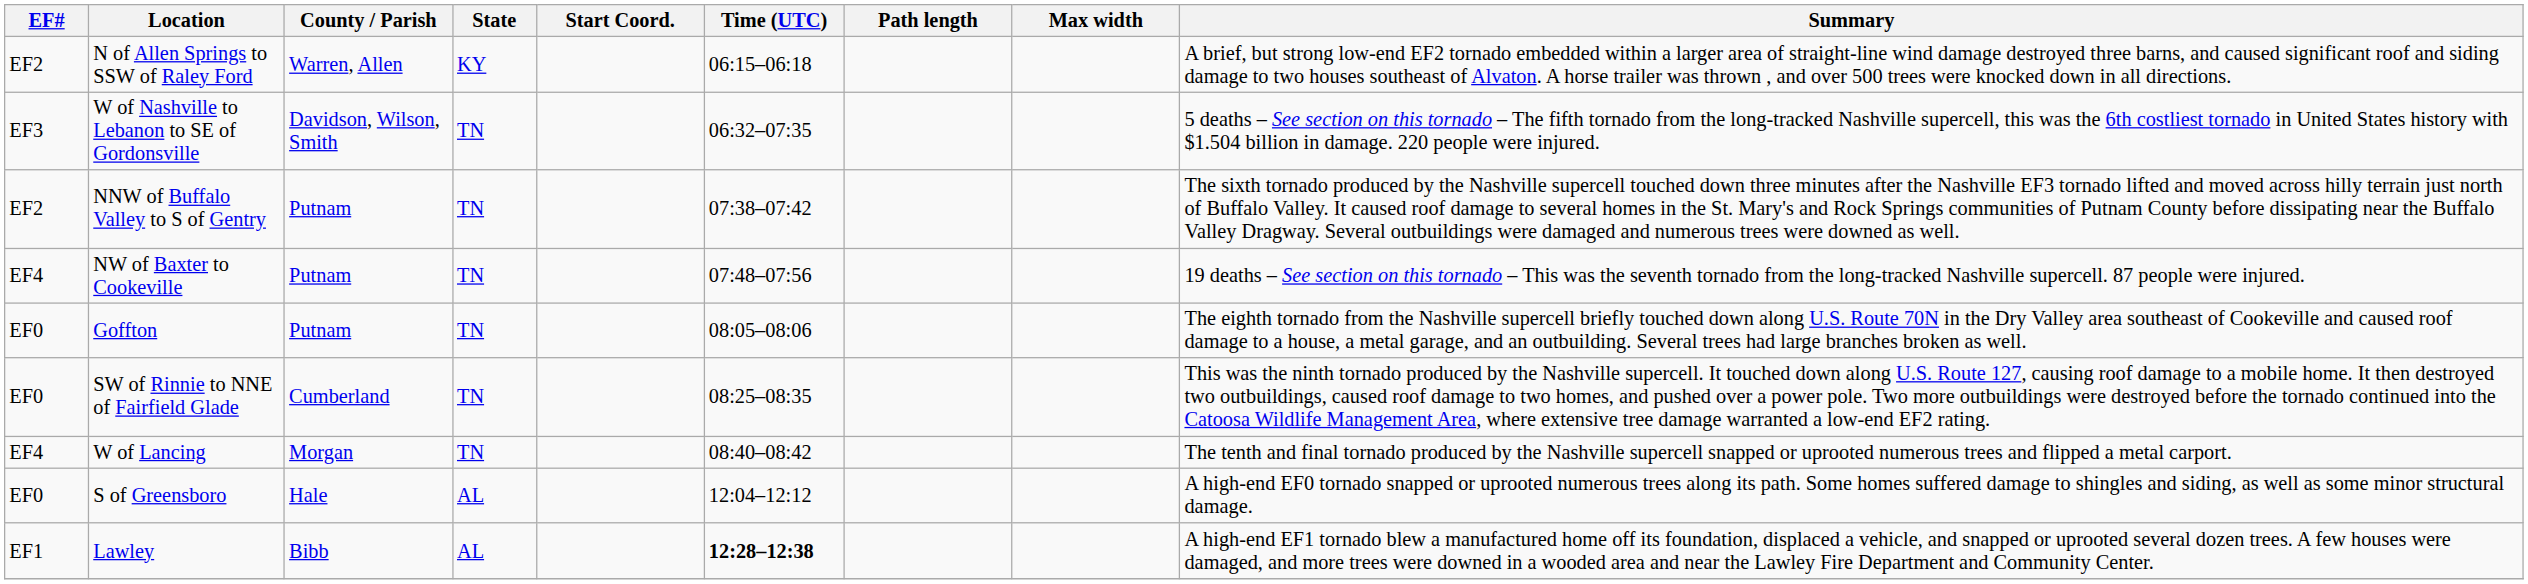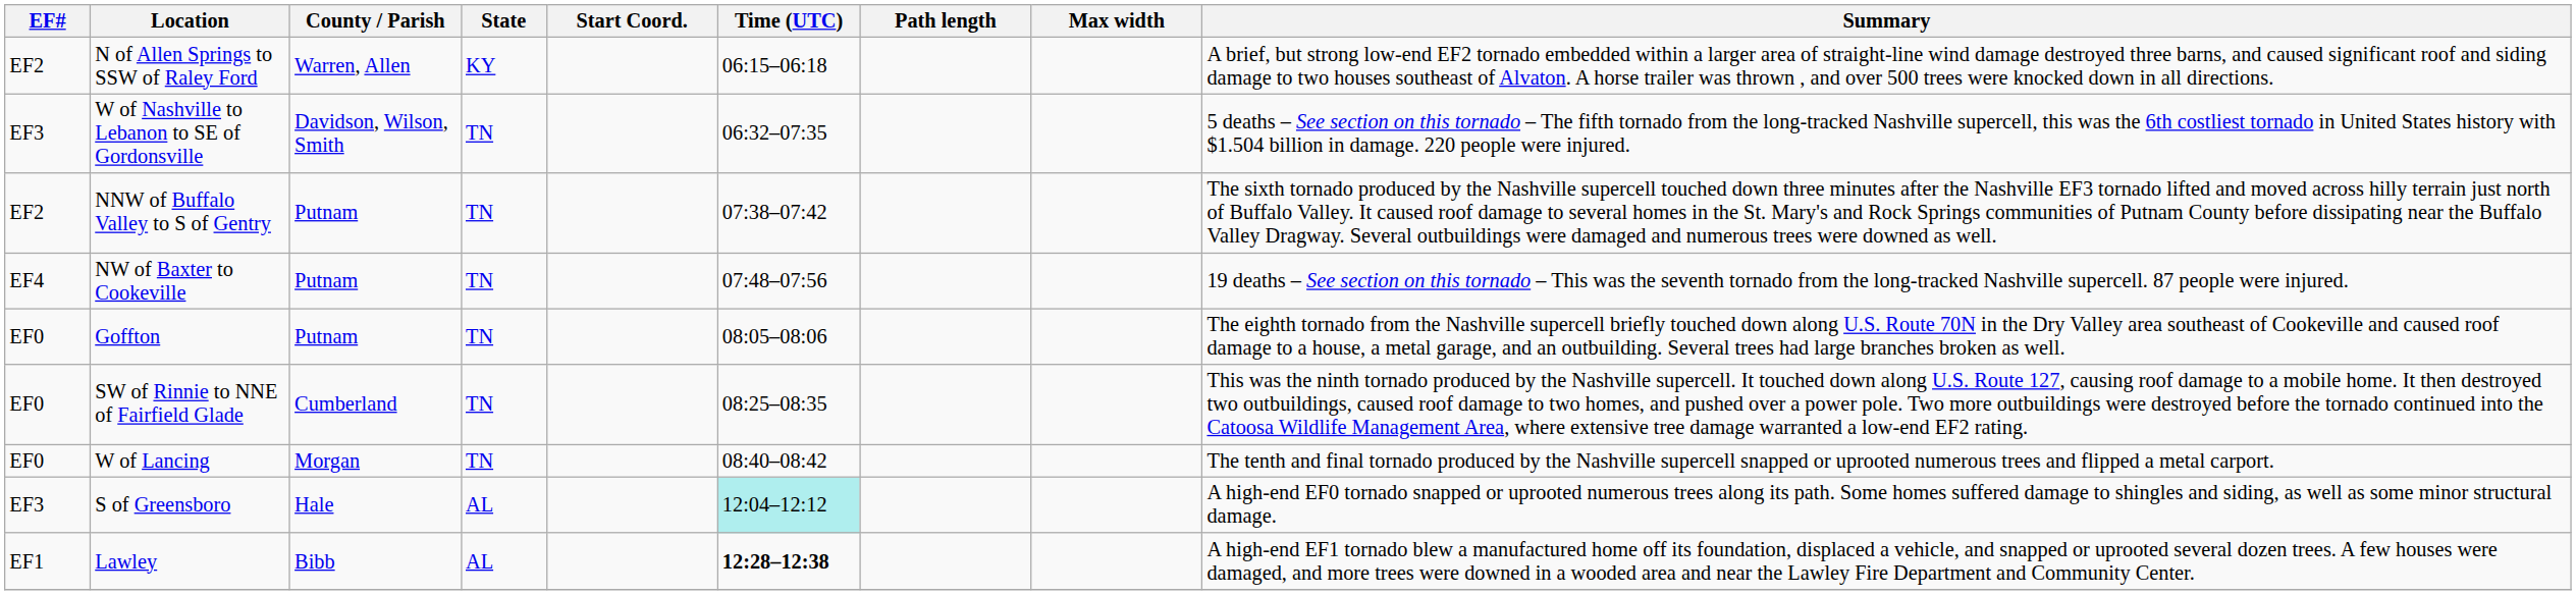 <table class="wikitable sortable" style="width:100%;">
 <tr>
 <th scope="col"  style="width:3%; text-align:center;"><a href='#'>EF#</a></th>
 <th scope="col"  style="width:7%; text-align:center;" class="unsortable">Location</th>
 <th scope="col"  style="width:6%; text-align:center;" class="unsortable">County / Parish</th>
 <th scope="col"  style="width:3%; text-align:center;">State</th>
 <th scope="col"  style="width:6%; text-align:center;">Start Coord.</th>
 <th scope="col"  style="width:5%; text-align:center;">Time (<a href='#'>UTC</a>)</th>
 <th scope="col"  style="width:6%; text-align:center;">Path length</th>
 <th scope="col"  style="width:6%; text-align:center;">Max width</th>
 <th scope="col" class="unsortable" style="width:48%; text-align:center;">Summary</th>
 </tr>
 <tr>
 <td>EF2</td>
 <td>N of <a href='#'>Allen Springs</a> to SSW of <a href='#'>Raley Ford</a></td>
 <td><a href='#'>Warren</a>, <a href='#'>Allen</a></td>
 <td><a href='#'>KY</a></td>
 <td></td>
 <td>06:15–06:18</td>
 <td></td>
 <td></td>
 <td>A brief, but strong low-end EF2 tornado embedded within a larger area of straight-line wind damage destroyed three barns, and caused significant roof and siding damage to two houses southeast of <a href='#'>Alvaton</a>. A horse trailer was thrown , and over 500 trees were knocked down in all directions.</td>
 </tr>
 <tr>
 <td>EF3</td>
 <td>W of <a href='#'>Nashville</a> to <a href='#'>Lebanon</a> to SE of <a href='#'>Gordonsville</a></td>
 <td><a href='#'>Davidson</a>, <a href='#'>Wilson</a>, <a href='#'>Smith</a></td>
 <td><a href='#'>TN</a></td>
 <td></td>
 <td>06:32–07:35</td>
 <td></td>
 <td></td>
 <td>5 deaths – <em><a href='#'>See section on this tornado</a></em> – The fifth tornado from the long-tracked Nashville supercell, this was the <a href='#'>6th costliest tornado</a> in United States history with $1.504 billion in damage. 220 people were injured.</td>
 </tr>
 <tr>
 <td>EF2</td>
 <td>NNW of <a href='#'>Buffalo Valley</a> to S of <a href='#'>Gentry</a></td>
 <td><a href='#'>Putnam</a></td>
 <td><a href='#'>TN</a></td>
 <td></td>
 <td>07:38–07:42</td>
 <td></td>
 <td></td>
 <td>The sixth tornado produced by the Nashville supercell touched down three minutes after the Nashville EF3 tornado lifted and moved across hilly terrain just north of Buffalo Valley. It caused roof damage to several homes in the St. Mary's and Rock Springs communities of Putnam County before dissipating near the Buffalo Valley Dragway. Several outbuildings were damaged and numerous trees were downed as well.</td>
 </tr>
 <tr>
 <td>EF4</td>
 <td>NW of <a href='#'>Baxter</a> to <a href='#'>Cookeville</a></td>
 <td><a href='#'>Putnam</a></td>
 <td><a href='#'>TN</a></td>
 <td></td>
 <td>07:48–07:56</td>
 <td></td>
 <td></td>
 <td>19 deaths – <em><a href='#'>See section on this tornado</a></em> – This was the seventh tornado from the long-tracked Nashville supercell. 87 people were injured.</td>
 </tr>
 <tr>
 <td>EF0</td>
 <td><a href='#'>Goffton</a></td>
 <td><a href='#'>Putnam</a></td>
 <td><a href='#'>TN</a></td>
 <td></td>
 <td>08:05–08:06</td>
 <td></td>
 <td></td>
 <td>The eighth tornado from the Nashville supercell briefly touched down along <a href='#'>U.S. Route 70N</a> in the Dry Valley area southeast of Cookeville and caused roof damage to a house, a metal garage, and an outbuilding. Several trees had large branches broken as well.</td>
 </tr>
 <tr>
 <td>EF0</td>
 <td>SW of <a href='#'>Rinnie</a> to NNE of <a href='#'>Fairfield Glade</a></td>
 <td><a href='#'>Cumberland</a></td>
 <td><a href='#'>TN</a></td>
 <td></td>
 <td>08:25–08:35</td>
 <td></td>
 <td></td>
 <td>This was the ninth tornado produced by the Nashville supercell. It touched down along <a href='#'>U.S. Route 127</a>, causing roof damage to a mobile home. It then destroyed two outbuildings, caused roof damage to two homes, and pushed over a power pole. Two more outbuildings were destroyed before the tornado continued into the <a href='#'>Catoosa Wildlife Management Area</a>, where extensive tree damage warranted a low-end EF2 rating.</td>
 </tr>
 <tr>
-<td>EF4</td>
+<td>EF0</td>
 <td>W of <a href='#'>Lancing</a></td>
 <td><a href='#'>Morgan</a></td>
 <td><a href='#'>TN</a></td>
 <td></td>
 <td>08:40–08:42</td>
 <td></td>
 <td></td>
 <td>The tenth and final tornado produced by the Nashville supercell snapped or uprooted numerous trees and flipped a metal carport.</td>
 </tr>
 <tr>
-<td>EF0</td>
+<td>EF3</td>
 <td>S of <a href='#'>Greensboro</a></td>
 <td><a href='#'>Hale</a></td>
 <td><a href='#'>AL</a></td>
 <td></td>
-<td>12:04–12:12</td>
+<td style="background: paleturquoise;">12:04–12:12</td>
 <td></td>
 <td></td>
 <td>A high-end EF0 tornado snapped or uprooted numerous trees along its path. Some homes suffered damage to shingles and siding, as well as some minor structural damage.</td>
 </tr>
 <tr>
 <td>EF1</td>
 <td><a href='#'>Lawley</a></td>
 <td><a href='#'>Bibb</a></td>
 <td><a href='#'>AL</a></td>
 <td></td>
 <td><strong>12:28–12:38</strong></td>
 <td></td>
 <td></td>
 <td>A high-end EF1 tornado blew a manufactured home off its foundation, displaced a vehicle, and snapped or uprooted several dozen trees. A few houses were damaged, and more trees were downed in a wooded area and near the Lawley Fire Department and Community Center.</td>
 </tr>
 <tr>
 </tr>
 </table>
